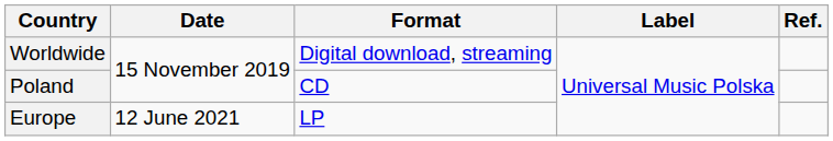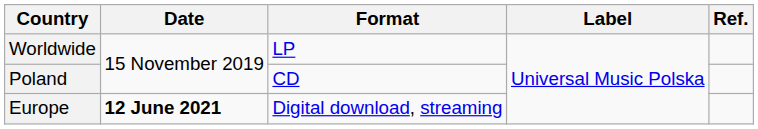 <table class="wikitable">
 <tr>
 <th>Country</th>
 <th>Date</th>
 <th>Format</th>
 <th>Label</th>
 <th>Ref.</th>
 </tr>
 <tr>
 <td bgcolor="#f2f2f2" align="left">Worldwide</td>
 <td rowspan="2">15 November 2019</td>
-<td><a href='#'>Digital download</a>, <a href='#'>streaming</a></td>
+<td><a href='#'>LP</a></td>
 <td rowspan="3"><a href='#'>Universal Music Polska</a></td>
 <td></td>
 </tr>
 <tr>
 <td bgcolor="#f2f2f2" align="left">Poland</td>
 <td><a href='#'>CD</a></td>
 <td></td>
 </tr>
 <tr>
 <td bgcolor="#f2f2f2" align="left">Europe</td>
-<td>12 June 2021</td>
-<td><a href='#'>LP</a></td>
+<td><strong>12 June 2021</strong></td>
+<td><a href='#'>Digital download</a>, <a href='#'>streaming</a></td>
 <td></td>
 </tr>
 </table>
